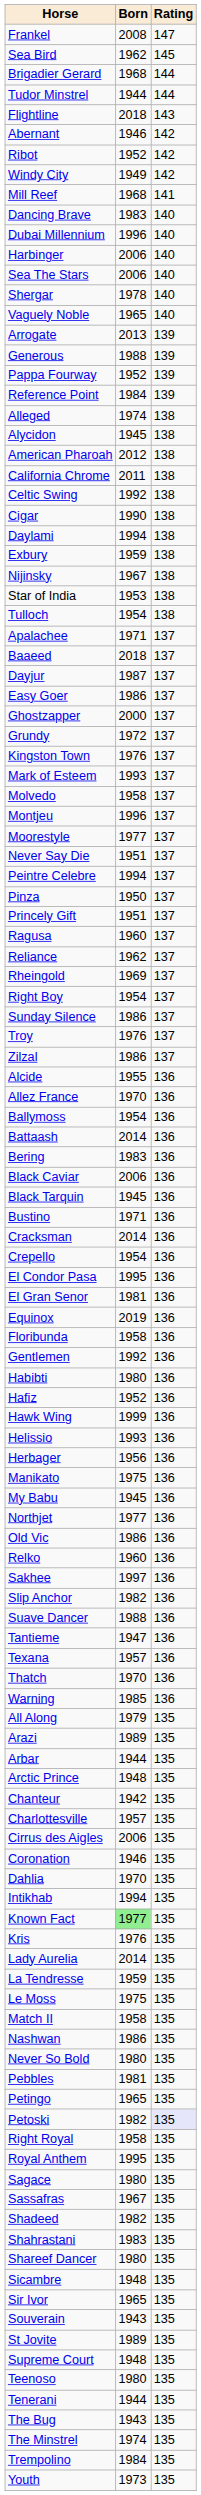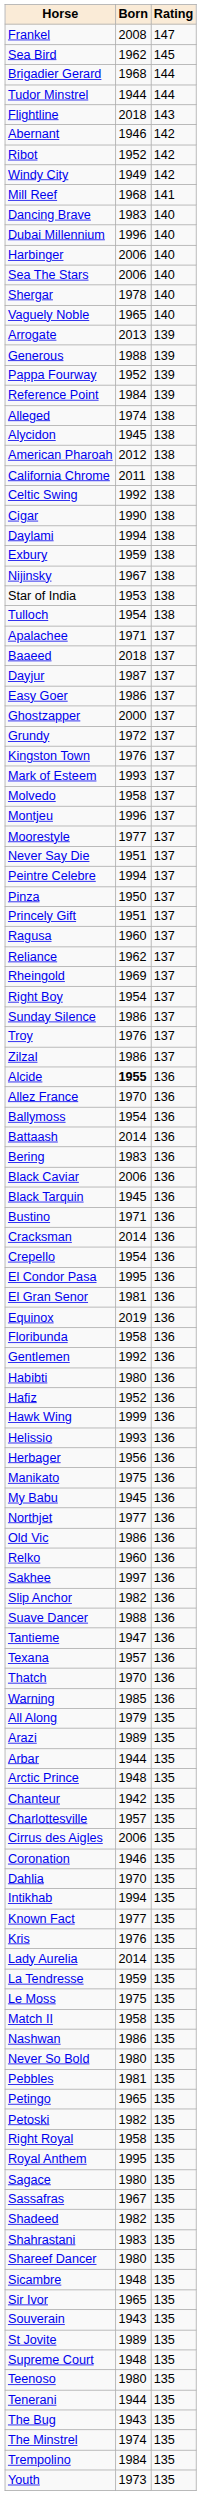 <table class="wikitable sortable" style="text-align:centre; margin-left:1em; float:centre; border-collapse: collapse">
 <tr>
 <th style="background-color:#FAEBD7;">Horse</th>
 <th style="background-color:#FAEBD7;">Born</th>
 <th style="background-color:#FAEBD7;">Rating</th>
 </tr>
 <tr>
 <td><a href='#'>Frankel</a></td>
 <td>2008</td>
 <td>147</td>
 </tr>
 <tr>
 <td><a href='#'>Sea Bird</a></td>
 <td>1962</td>
 <td>145</td>
 </tr>
 <tr>
 <td><a href='#'>Brigadier Gerard</a></td>
 <td>1968</td>
 <td>144</td>
 </tr>
 <tr>
 <td><a href='#'>Tudor Minstrel</a></td>
 <td>1944</td>
 <td>144</td>
 </tr>
 <tr>
 <td><a href='#'>Flightline</a></td>
 <td>2018</td>
 <td>143</td>
 </tr>
 <tr>
 <td><a href='#'>Abernant</a></td>
 <td>1946</td>
 <td>142</td>
 </tr>
 <tr>
 <td><a href='#'>Ribot</a></td>
 <td>1952</td>
 <td>142</td>
 </tr>
 <tr>
 <td><a href='#'>Windy City</a></td>
 <td>1949</td>
 <td>142</td>
 </tr>
 <tr>
 <td><a href='#'>Mill Reef</a></td>
 <td>1968</td>
 <td>141</td>
 </tr>
 <tr>
 <td><a href='#'>Dancing Brave</a></td>
 <td>1983</td>
 <td>140</td>
 </tr>
 <tr>
 <td><a href='#'>Dubai Millennium</a></td>
 <td>1996</td>
 <td>140</td>
 </tr>
 <tr>
 <td><a href='#'>Harbinger</a></td>
 <td>2006</td>
 <td>140</td>
 </tr>
 <tr>
 <td><a href='#'>Sea The Stars</a></td>
 <td>2006</td>
 <td>140</td>
 </tr>
 <tr>
 <td><a href='#'>Shergar</a></td>
 <td>1978</td>
 <td>140</td>
 </tr>
 <tr>
 <td><a href='#'>Vaguely Noble</a></td>
 <td>1965</td>
 <td>140</td>
 </tr>
 <tr>
 <td><a href='#'>Arrogate</a></td>
 <td>2013</td>
 <td>139</td>
 </tr>
 <tr>
 <td><a href='#'>Generous</a></td>
 <td>1988</td>
 <td>139</td>
 </tr>
 <tr>
 <td><a href='#'>Pappa Fourway</a></td>
 <td>1952</td>
 <td>139</td>
 </tr>
 <tr>
 <td><a href='#'>Reference Point</a></td>
 <td>1984</td>
 <td>139</td>
 </tr>
 <tr>
 <td><a href='#'>Alleged</a></td>
 <td>1974</td>
 <td>138</td>
 </tr>
 <tr>
 <td><a href='#'>Alycidon</a></td>
 <td>1945</td>
 <td>138</td>
 </tr>
 <tr>
 <td><a href='#'>American Pharoah</a></td>
 <td>2012</td>
 <td>138</td>
 </tr>
 <tr>
 <td><a href='#'>California Chrome</a></td>
 <td>2011</td>
 <td>138</td>
 </tr>
 <tr>
 <td><a href='#'>Celtic Swing</a></td>
 <td>1992</td>
 <td>138</td>
 </tr>
 <tr>
 <td><a href='#'>Cigar</a></td>
 <td>1990</td>
 <td>138</td>
 </tr>
 <tr>
 <td><a href='#'>Daylami</a></td>
 <td>1994</td>
 <td>138</td>
 </tr>
 <tr>
 <td><a href='#'>Exbury</a></td>
 <td>1959</td>
 <td>138</td>
 </tr>
 <tr>
 <td><a href='#'>Nijinsky</a></td>
 <td>1967</td>
 <td>138</td>
 </tr>
 <tr>
 <td>Star of India</td>
 <td>1953</td>
 <td>138</td>
 </tr>
 <tr>
 <td><a href='#'>Tulloch</a></td>
 <td>1954</td>
 <td>138</td>
 </tr>
 <tr>
 <td><a href='#'>Apalachee</a></td>
 <td>1971</td>
 <td>137</td>
 </tr>
 <tr>
 <td><a href='#'>Baaeed</a></td>
 <td>2018</td>
 <td>137</td>
 </tr>
 <tr>
 <td><a href='#'>Dayjur</a></td>
 <td>1987</td>
 <td>137</td>
 </tr>
 <tr>
 <td><a href='#'>Easy Goer</a></td>
 <td>1986</td>
 <td>137</td>
 </tr>
 <tr>
 <td><a href='#'>Ghostzapper</a></td>
 <td>2000</td>
 <td>137</td>
 </tr>
 <tr>
 <td><a href='#'>Grundy</a></td>
 <td>1972</td>
 <td>137</td>
 </tr>
 <tr>
 <td><a href='#'>Kingston Town</a></td>
 <td>1976</td>
 <td>137</td>
 </tr>
 <tr>
 <td><a href='#'>Mark of Esteem</a></td>
 <td>1993</td>
 <td>137</td>
 </tr>
 <tr>
 <td><a href='#'>Molvedo</a></td>
 <td>1958</td>
 <td>137</td>
 </tr>
 <tr>
 <td><a href='#'>Montjeu</a></td>
 <td>1996</td>
 <td>137</td>
 </tr>
 <tr>
 <td><a href='#'>Moorestyle</a></td>
 <td>1977</td>
 <td>137</td>
 </tr>
 <tr>
 <td><a href='#'>Never Say Die</a></td>
 <td>1951</td>
 <td>137</td>
 </tr>
 <tr>
 <td><a href='#'>Peintre Celebre</a></td>
 <td>1994</td>
 <td>137</td>
 </tr>
 <tr>
 <td><a href='#'>Pinza</a></td>
 <td>1950</td>
 <td>137</td>
 </tr>
 <tr>
 <td><a href='#'>Princely Gift</a></td>
 <td>1951</td>
 <td>137</td>
 </tr>
 <tr>
 <td><a href='#'>Ragusa</a></td>
 <td>1960</td>
 <td>137</td>
 </tr>
 <tr>
 <td><a href='#'>Reliance</a></td>
 <td>1962</td>
 <td>137</td>
 </tr>
 <tr>
 <td><a href='#'>Rheingold</a></td>
 <td>1969</td>
 <td>137</td>
 </tr>
 <tr>
 <td><a href='#'>Right Boy</a></td>
 <td>1954</td>
 <td>137</td>
 </tr>
 <tr>
 <td><a href='#'>Sunday Silence</a></td>
 <td>1986</td>
 <td>137</td>
 </tr>
 <tr>
 <td><a href='#'>Troy</a></td>
 <td>1976</td>
 <td>137</td>
 </tr>
 <tr>
 <td><a href='#'>Zilzal</a></td>
 <td>1986</td>
 <td>137</td>
 </tr>
 <tr>
 <td><a href='#'>Alcide</a></td>
-<td>1955</td>
+<td><strong>1955</strong></td>
 <td>136</td>
 </tr>
 <tr>
 <td><a href='#'>Allez France</a></td>
 <td>1970</td>
 <td>136</td>
 </tr>
 <tr>
 <td><a href='#'>Ballymoss</a></td>
 <td>1954</td>
 <td>136</td>
 </tr>
 <tr>
 <td><a href='#'>Battaash</a></td>
 <td>2014</td>
 <td>136</td>
 </tr>
 <tr>
 <td><a href='#'>Bering</a></td>
 <td>1983</td>
 <td>136</td>
 </tr>
 <tr>
 <td><a href='#'>Black Caviar</a></td>
 <td>2006</td>
 <td>136</td>
 </tr>
 <tr>
 <td><a href='#'>Black Tarquin</a></td>
 <td>1945</td>
 <td>136</td>
 </tr>
 <tr>
 <td><a href='#'>Bustino</a></td>
 <td>1971</td>
 <td>136</td>
 </tr>
 <tr>
 <td><a href='#'>Cracksman</a></td>
 <td>2014</td>
 <td>136</td>
 </tr>
 <tr>
 <td><a href='#'>Crepello</a></td>
 <td>1954</td>
 <td>136</td>
 </tr>
 <tr>
 <td><a href='#'>El Condor Pasa</a></td>
 <td>1995</td>
 <td>136</td>
 </tr>
 <tr>
 <td><a href='#'>El Gran Senor</a></td>
 <td>1981</td>
 <td>136</td>
 </tr>
 <tr>
 <td><a href='#'>Equinox</a></td>
 <td>2019</td>
 <td>136</td>
 </tr>
 <tr>
 <td><a href='#'>Floribunda</a></td>
 <td>1958</td>
 <td>136</td>
 </tr>
 <tr>
 <td><a href='#'>Gentlemen</a></td>
 <td>1992</td>
 <td>136</td>
 </tr>
 <tr>
 <td><a href='#'>Habibti</a></td>
 <td>1980</td>
 <td>136</td>
 </tr>
 <tr>
 <td><a href='#'>Hafiz</a></td>
 <td>1952</td>
 <td>136</td>
 </tr>
 <tr>
 <td><a href='#'>Hawk Wing</a></td>
 <td>1999</td>
 <td>136</td>
 </tr>
 <tr>
 <td><a href='#'>Helissio</a></td>
 <td>1993</td>
 <td>136</td>
 </tr>
 <tr>
 <td><a href='#'>Herbager</a></td>
 <td>1956</td>
 <td>136</td>
 </tr>
 <tr>
 <td><a href='#'>Manikato</a></td>
 <td>1975</td>
 <td>136</td>
 </tr>
 <tr>
 <td><a href='#'>My Babu</a></td>
 <td>1945</td>
 <td>136</td>
 </tr>
 <tr>
 <td><a href='#'>Northjet</a></td>
 <td>1977</td>
 <td>136</td>
 </tr>
 <tr>
 <td><a href='#'>Old Vic</a></td>
 <td>1986</td>
 <td>136</td>
 </tr>
 <tr>
 <td><a href='#'>Relko</a></td>
 <td>1960</td>
 <td>136</td>
 </tr>
 <tr>
 <td><a href='#'>Sakhee</a></td>
 <td>1997</td>
 <td>136</td>
 </tr>
 <tr>
 <td><a href='#'>Slip Anchor</a></td>
 <td>1982</td>
 <td>136</td>
 </tr>
 <tr>
 <td><a href='#'>Suave Dancer</a></td>
 <td>1988</td>
 <td>136</td>
 </tr>
 <tr>
 <td><a href='#'>Tantieme</a></td>
 <td>1947</td>
 <td>136</td>
 </tr>
 <tr>
 <td><a href='#'>Texana</a></td>
 <td>1957</td>
 <td>136</td>
 </tr>
 <tr>
 <td><a href='#'>Thatch</a></td>
 <td>1970</td>
 <td>136</td>
 </tr>
 <tr>
 <td><a href='#'>Warning</a></td>
 <td>1985</td>
 <td>136</td>
 </tr>
 <tr>
 <td><a href='#'>All Along</a></td>
 <td>1979</td>
 <td>135</td>
 </tr>
 <tr>
 <td><a href='#'>Arazi</a></td>
 <td>1989</td>
 <td>135</td>
 </tr>
 <tr>
 <td><a href='#'>Arbar</a></td>
 <td>1944</td>
 <td>135</td>
 </tr>
 <tr>
 <td><a href='#'>Arctic Prince</a></td>
 <td>1948</td>
 <td>135</td>
 </tr>
 <tr>
 <td><a href='#'>Chanteur</a></td>
 <td>1942</td>
 <td>135</td>
 </tr>
 <tr>
 <td><a href='#'>Charlottesville</a></td>
 <td>1957</td>
 <td>135</td>
 </tr>
 <tr>
 <td><a href='#'>Cirrus des Aigles</a></td>
 <td>2006</td>
 <td>135</td>
 </tr>
 <tr>
 <td><a href='#'>Coronation</a></td>
 <td>1946</td>
 <td>135</td>
 </tr>
 <tr>
 <td><a href='#'>Dahlia</a></td>
 <td>1970</td>
 <td>135</td>
 </tr>
 <tr>
 <td><a href='#'>Intikhab</a></td>
 <td>1994</td>
 <td>135</td>
 </tr>
 <tr>
 <td><a href='#'>Known Fact</a></td>
-<td style="background: lightgreen;">1977</td>
+<td>1977</td>
 <td>135</td>
 </tr>
 <tr>
 <td><a href='#'>Kris</a></td>
 <td>1976</td>
 <td>135</td>
 </tr>
 <tr>
 <td><a href='#'>Lady Aurelia</a></td>
 <td>2014</td>
 <td>135</td>
 </tr>
 <tr>
 <td><a href='#'>La Tendresse</a></td>
 <td>1959</td>
 <td>135</td>
 </tr>
 <tr>
 <td><a href='#'>Le Moss</a></td>
 <td>1975</td>
 <td>135</td>
 </tr>
 <tr>
 <td><a href='#'>Match II</a></td>
 <td>1958</td>
 <td>135</td>
 </tr>
 <tr>
 <td><a href='#'>Nashwan</a></td>
 <td>1986</td>
 <td>135</td>
 </tr>
 <tr>
 <td><a href='#'>Never So Bold</a></td>
 <td>1980</td>
 <td>135</td>
 </tr>
 <tr>
 <td><a href='#'>Pebbles</a></td>
 <td>1981</td>
 <td>135</td>
 </tr>
 <tr>
 <td><a href='#'>Petingo</a></td>
 <td>1965</td>
 <td>135</td>
 </tr>
 <tr>
 <td><a href='#'>Petoski</a></td>
 <td>1982</td>
-<td style="background: lavender;">135</td>
+<td>135</td>
 </tr>
 <tr>
 <td><a href='#'>Right Royal</a></td>
 <td>1958</td>
 <td>135</td>
 </tr>
 <tr>
 <td><a href='#'>Royal Anthem</a></td>
 <td>1995</td>
 <td>135</td>
 </tr>
 <tr>
 <td><a href='#'>Sagace</a></td>
 <td>1980</td>
 <td>135</td>
 </tr>
 <tr>
 <td><a href='#'>Sassafras</a></td>
 <td>1967</td>
 <td>135</td>
 </tr>
 <tr>
 <td><a href='#'>Shadeed</a></td>
 <td>1982</td>
 <td>135</td>
 </tr>
 <tr>
 <td><a href='#'>Shahrastani</a></td>
 <td>1983</td>
 <td>135</td>
 </tr>
 <tr>
 <td><a href='#'>Shareef Dancer</a></td>
 <td>1980</td>
 <td>135</td>
 </tr>
 <tr>
 <td><a href='#'>Sicambre</a></td>
 <td>1948</td>
 <td>135</td>
 </tr>
 <tr>
 <td><a href='#'>Sir Ivor</a></td>
 <td>1965</td>
 <td>135</td>
 </tr>
 <tr>
 <td><a href='#'>Souverain</a></td>
 <td>1943</td>
 <td>135</td>
 </tr>
 <tr>
 <td><a href='#'>St Jovite</a></td>
 <td>1989</td>
 <td>135</td>
 </tr>
 <tr>
 <td><a href='#'>Supreme Court</a></td>
 <td>1948</td>
 <td>135</td>
 </tr>
 <tr>
 <td><a href='#'>Teenoso</a></td>
 <td>1980</td>
 <td>135</td>
 </tr>
 <tr>
 <td><a href='#'>Tenerani</a></td>
 <td>1944</td>
 <td>135</td>
 </tr>
 <tr>
 <td><a href='#'>The Bug</a></td>
 <td>1943</td>
 <td>135</td>
 </tr>
 <tr>
 <td><a href='#'>The Minstrel</a></td>
 <td>1974</td>
 <td>135</td>
 </tr>
 <tr>
 <td><a href='#'>Trempolino</a></td>
 <td>1984</td>
 <td>135</td>
 </tr>
 <tr>
 <td><a href='#'>Youth</a></td>
 <td>1973</td>
 <td>135</td>
 </tr>
 </table>
